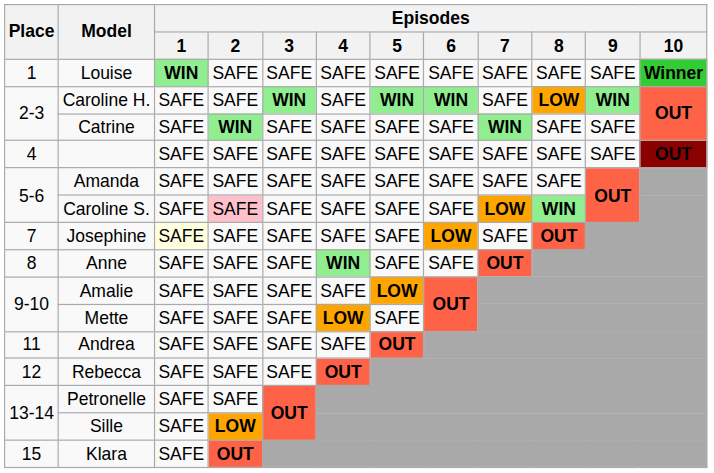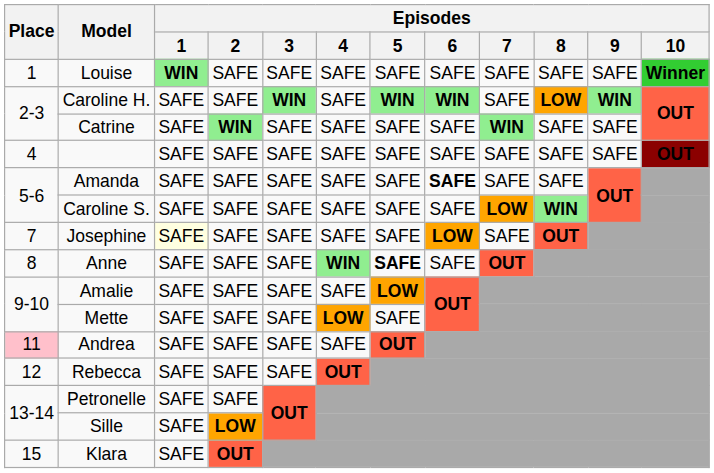 <table class="wikitable" style="text-align:center; font-size:92%">
 <tr>
 <th rowspan="2">Place</th>
 <th rowspan="2">Model</th>
 <th colspan="10">Episodes</th>
 </tr>
 <tr>
 <th>1</th>
 <th>2</th>
 <th>3</th>
 <th>4</th>
 <th>5</th>
 <th>6</th>
 <th>7</th>
 <th>8</th>
 <th>9</th>
 <th>10</th>
 </tr>
 <tr>
 <td>1</td>
 <td>Louise</td>
 <td style="background:lightgreen;"><strong>WIN</strong></td>
 <td>SAFE</td>
 <td>SAFE</td>
 <td>SAFE</td>
 <td>SAFE</td>
 <td>SAFE</td>
 <td>SAFE</td>
 <td>SAFE</td>
 <td>SAFE</td>
 <td style="background:limegreen;"><strong>Winner</strong></td>
 </tr>
 <tr>
 <td rowspan="2">2-3</td>
 <td>Caroline H.</td>
 <td>SAFE</td>
 <td>SAFE</td>
 <td style="background:lightgreen;"><strong>WIN</strong></td>
 <td>SAFE</td>
 <td style="background:lightgreen;"><strong>WIN</strong></td>
 <td style="background:lightgreen;"><strong>WIN</strong></td>
 <td>SAFE</td>
 <td style="background:orange;"><strong>LOW</strong></td>
 <td style="background:lightgreen;"><strong>WIN</strong></td>
 <td rowspan="2" style="background:tomato;"><strong>OUT</strong></td>
 </tr>
 <tr>
 <td>Catrine</td>
 <td>SAFE</td>
 <td style="background:lightgreen;"><strong>WIN</strong></td>
 <td>SAFE</td>
 <td>SAFE</td>
 <td>SAFE</td>
 <td>SAFE</td>
 <td style="background:lightgreen;"><strong>WIN</strong></td>
 <td>SAFE</td>
 <td>SAFE</td>
 </tr>
 <tr>
 <td>4</td>
 <td></td>
 <td>SAFE</td>
 <td>SAFE</td>
 <td>SAFE</td>
 <td>SAFE</td>
 <td>SAFE</td>
 <td>SAFE</td>
 <td>SAFE</td>
 <td>SAFE</td>
 <td>SAFE</td>
 <td style="background:darkred;"><span><strong>OUT</strong></span></td>
 </tr>
 <tr>
 <td rowspan="2">5-6</td>
 <td>Amanda</td>
 <td>SAFE</td>
 <td>SAFE</td>
 <td>SAFE</td>
 <td>SAFE</td>
 <td>SAFE</td>
-<td>SAFE</td>
+<td><strong>SAFE</strong></td>
 <td>SAFE</td>
 <td>SAFE</td>
 <td rowspan="2" style="background:tomato;"><strong>OUT</strong></td>
 <td style="background:darkgrey;" colspan="12"></td>
 </tr>
 <tr>
 <td>Caroline S.</td>
 <td>SAFE</td>
-<td style="background: pink;">SAFE</td>
+<td>SAFE</td>
 <td>SAFE</td>
 <td>SAFE</td>
 <td>SAFE</td>
 <td>SAFE</td>
 <td style="background:orange;"><strong>LOW</strong></td>
 <td style="background:lightgreen;"><strong>WIN</strong></td>
 <td style="background:darkgrey;" colspan="12"></td>
 </tr>
 <tr>
 <td>7</td>
 <td>Josephine</td>
 <td style="background: lightyellow;">SAFE</td>
 <td>SAFE</td>
 <td>SAFE</td>
 <td>SAFE</td>
 <td>SAFE</td>
 <td style="background:orange;"><strong>LOW</strong></td>
 <td>SAFE</td>
 <td style="background:tomato;"><strong>OUT</strong></td>
 <td style="background:darkgrey;" colspan="12"></td>
 </tr>
 <tr>
 <td>8</td>
 <td>Anne</td>
 <td>SAFE</td>
 <td>SAFE</td>
 <td>SAFE</td>
 <td style="background:lightgreen;"><strong>WIN</strong></td>
-<td>SAFE</td>
+<td><strong>SAFE</strong></td>
 <td>SAFE</td>
 <td style="background:tomato;"><strong>OUT</strong></td>
 <td style="background:darkgrey;" colspan="12"></td>
 </tr>
 <tr>
 <td rowspan="2">9-10</td>
 <td>Amalie</td>
 <td>SAFE</td>
 <td>SAFE</td>
 <td>SAFE</td>
 <td>SAFE</td>
 <td style="background:orange;"><strong>LOW</strong></td>
 <td rowspan="2" style="background:tomato;"><strong>OUT</strong></td>
 <td style="background:darkgrey;" colspan="12"></td>
 </tr>
 <tr>
 <td>Mette</td>
 <td>SAFE</td>
 <td>SAFE</td>
 <td>SAFE</td>
 <td style="background:orange;"><strong>LOW</strong></td>
 <td>SAFE</td>
 <td style="background:darkgrey;" colspan="12"></td>
 </tr>
 <tr>
-<td>11</td>
+<td style="background: pink;">11</td>
 <td>Andrea</td>
 <td>SAFE</td>
 <td>SAFE</td>
 <td>SAFE</td>
 <td>SAFE</td>
 <td style="background:tomato;"><strong>OUT</strong></td>
 <td style="background:darkgrey;" colspan="12"></td>
 </tr>
 <tr>
 <td>12</td>
 <td>Rebecca</td>
 <td>SAFE</td>
 <td>SAFE</td>
 <td>SAFE</td>
 <td style="background:tomato;"><strong>OUT</strong></td>
 <td style="background:darkgrey;" colspan="12"></td>
 </tr>
 <tr>
 <td rowspan="2">13-14</td>
 <td>Petronelle</td>
 <td>SAFE</td>
 <td>SAFE</td>
 <td rowspan="2" style="background:tomato;"><strong>OUT</strong></td>
 <td style="background:darkgrey;" colspan="12"></td>
 </tr>
 <tr>
 <td>Sille</td>
 <td>SAFE</td>
 <td style="background:orange;"><strong>LOW</strong></td>
 <td style="background:darkgrey;" colspan="12"></td>
 </tr>
 <tr>
 <td>15</td>
 <td>Klara</td>
 <td>SAFE</td>
 <td style="background:tomato;"><strong>OUT</strong></td>
 <td style="background:darkgrey;" colspan="12"></td>
 </tr>
 </table>
